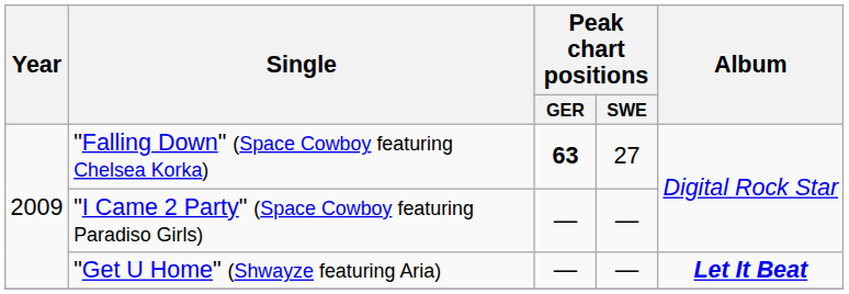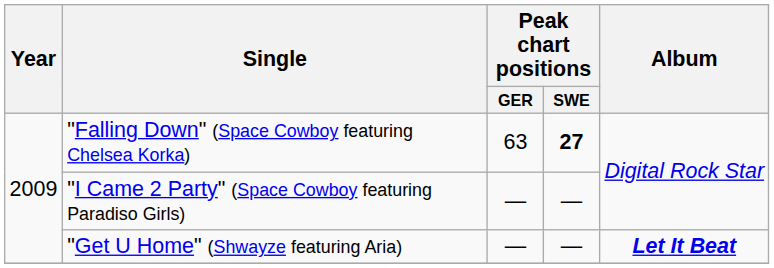 <table class="wikitable" style=text-align:center;>
 <tr>
 <th rowspan="2">Year</th>
 <th rowspan="2" width="310">Single</th>
 <th colspan="2">Peak chart positions</th>
 <th rowspan="2">Album</th>
 </tr>
 <tr>
 <th style="width:3em;font-size:75%;">GER<br></th>
 <th style="width:3em;font-size:75%;">SWE<br></th>
 </tr>
 <tr>
 <td rowspan="3">2009</td>
 <td align="left">"<a href='#'>Falling Down</a>" <small>(<a href='#'>Space Cowboy</a> featuring <a href='#'>Chelsea Korka</a>)</small> </td>
-<td><strong>63</strong></td>
-<td>27</td>
+<td>63</td>
+<td><strong>27</strong></td>
 <td rowspan="2"><em><a href='#'>Digital Rock Star</a></em></td>
 </tr>
 <tr>
 <td align="left">"<a href='#'>I Came 2 Party</a>" <small>(<a href='#'>Space Cowboy</a> featuring Paradiso Girls)</small> </td>
 <td>—</td>
 <td>—</td>
 </tr>
 <tr>
 <td align="left">"<a href='#'>Get U Home</a>" <small>(<a href='#'>Shwayze</a> featuring Aria)</small></td>
 <td>—</td>
 <td>—</td>
 <td><strong><em><a href='#'>Let It Beat</a></em></strong></td>
 </tr>
 <tr>
 </tr>
 </table>
